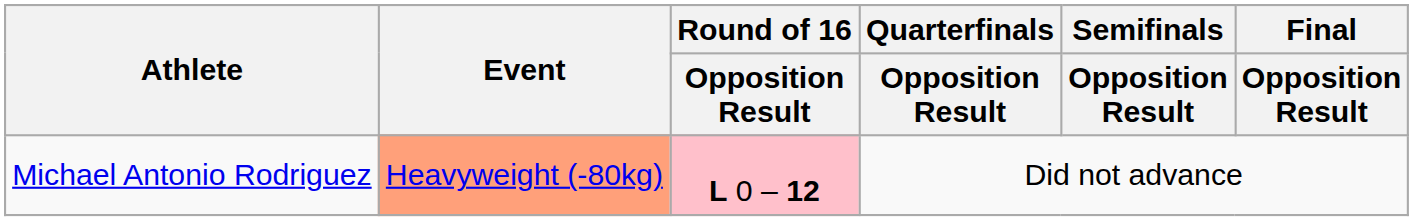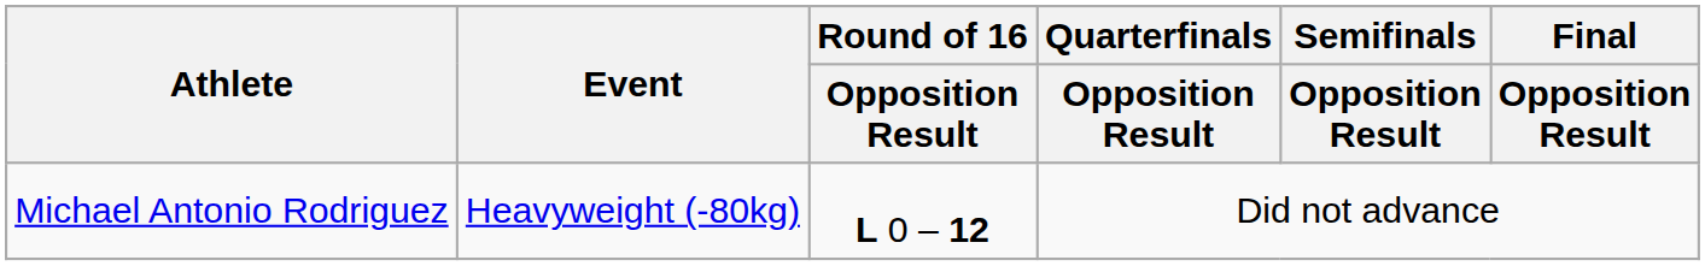 <table class="wikitable" style="font-size:90%">
 <tr>
 <th rowspan=2>Athlete</th>
 <th rowspan=2>Event</th>
 <th>Round of 16</th>
 <th>Quarterfinals</th>
 <th>Semifinals</th>
 <th>Final</th>
 </tr>
 <tr>
 <th>Opposition<br>Result</th>
 <th>Opposition<br>Result</th>
 <th>Opposition<br>Result</th>
 <th>Opposition<br>Result</th>
 </tr>
 <tr>
 <td><a href='#'>Michael Antonio Rodriguez</a></td>
-<td style="background: lightsalmon;"><a href='#'>Heavyweight (-80kg)</a></td>
-<td align=center style="background: pink;"><br><strong>L</strong> 0 – <strong>12</strong></td>
+<td><a href='#'>Heavyweight (-80kg)</a></td>
+<td align=center><br><strong>L</strong> 0 – <strong>12</strong></td>
 <td align=center colspan="7">Did not advance</td>
 </tr>
 </table>
